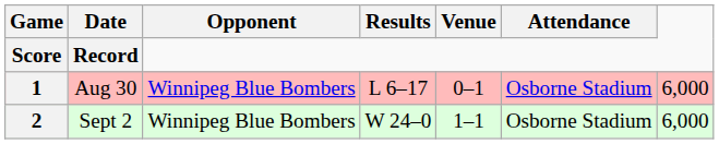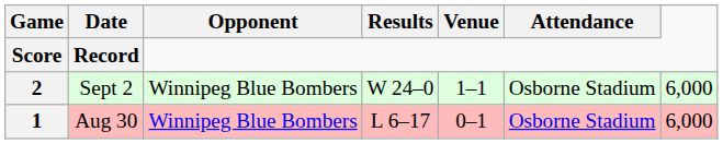 <table class="wikitable" style="text-align:center">
 <tr>
 <th>Game</th>
 <th>Date</th>
 <th>Opponent</th>
 <th>Results</th>
 <th>Venue</th>
 <th>Attendance</th>
 </tr>
 <tr>
 <th>Score</th>
 <th>Record</th>
 </tr>
+<tr style="background:#ddffdd">
+<th>2</th>
+<td>Sept 2</td>
+<td>Winnipeg Blue Bombers</td>
+<td>W 24–0</td>
+<td>1–1</td>
+<td>Osborne Stadium</td>
+<td>6,000</td>
+</tr>
 <tr style="background:#ffbbbb">
 <th>1</th>
 <td>Aug 30</td>
 <td><a href='#'>Winnipeg Blue Bombers</a></td>
 <td>L 6–17</td>
 <td>0–1</td>
 <td><a href='#'>Osborne Stadium</a></td>
 <td>6,000</td>
 </tr>
-<tr style="background:#ddffdd">
-<th>2</th>
-<td>Sept 2</td>
-<td>Winnipeg Blue Bombers</td>
-<td>W 24–0</td>
-<td>1–1</td>
-<td>Osborne Stadium</td>
-<td>6,000</td>
-</tr>
 </table>
